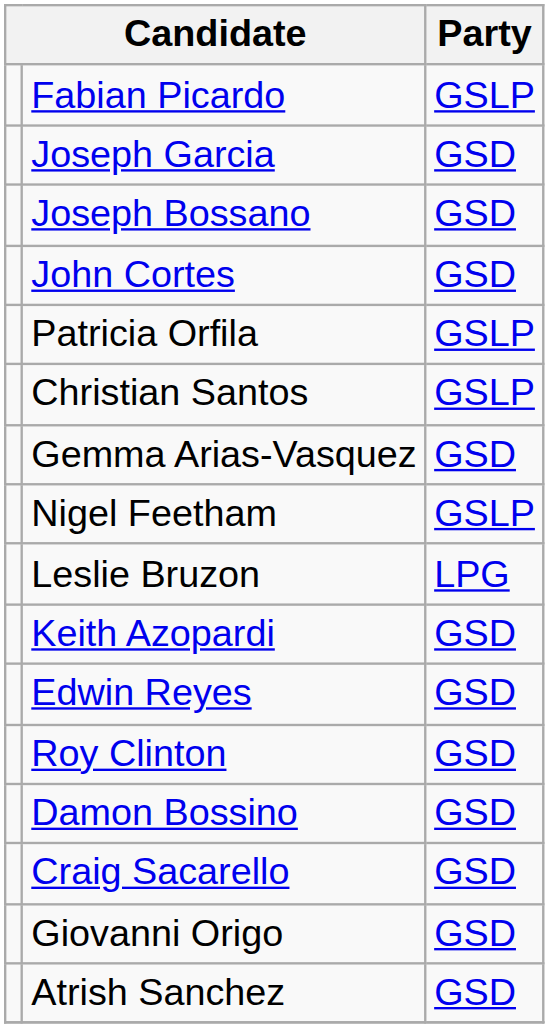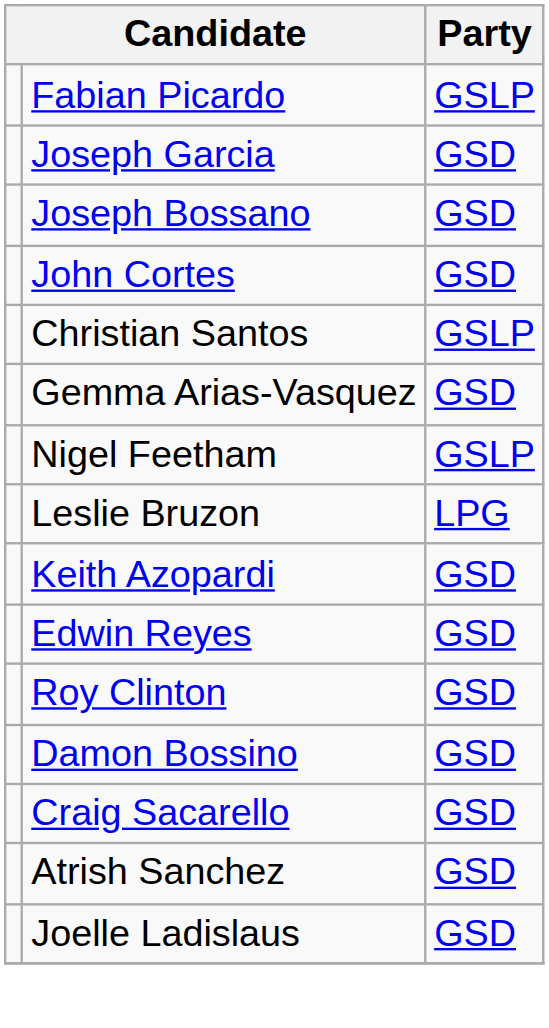 <table class=wikitable>
 <tr>
 <th colspan=2>Candidate</th>
 <th>Party</th>
 </tr>
 <tr>
 <td style="background-color:  "></td>
 <td><a href='#'>Fabian Picardo</a></td>
 <td><a href='#'>GSLP</a></td>
 </tr>
 <tr>
 <td style="background-color: "></td>
 <td><a href='#'>Joseph Garcia</a></td>
 <td><a href='#'>GSD</a></td>
 </tr>
 <tr>
 <td style="background-color: "></td>
 <td><a href='#'>Joseph Bossano</a></td>
 <td><a href='#'>GSD</a></td>
 </tr>
 <tr>
 <td style="background-color: "></td>
 <td><a href='#'>John Cortes</a></td>
 <td><a href='#'>GSD</a></td>
-</tr>
-<tr>
-<td style="background-color: "></td>
-<td>Patricia Orfila</td>
-<td><a href='#'>GSLP</a></td>
 </tr>
 <tr>
 <td style="background-color: "></td>
 <td>Christian Santos</td>
 <td><a href='#'>GSLP</a></td>
 </tr>
 <tr>
 <td style="background-color: "></td>
 <td>Gemma Arias-Vasquez</td>
 <td><a href='#'>GSD</a></td>
 </tr>
 <tr>
 <td style="background-color: "></td>
 <td>Nigel Feetham</td>
 <td><a href='#'>GSLP</a></td>
 </tr>
 <tr>
 <td style="background-color: "></td>
 <td>Leslie Bruzon</td>
 <td><a href='#'>LPG</a></td>
 </tr>
 <tr>
 <td style="background-color: "></td>
 <td><a href='#'>Keith Azopardi</a></td>
 <td><a href='#'>GSD</a></td>
 </tr>
 <tr>
 <td style="background-color: "></td>
 <td><a href='#'>Edwin Reyes</a></td>
 <td><a href='#'>GSD</a></td>
 </tr>
 <tr>
 <td style="background-color: "></td>
 <td><a href='#'>Roy Clinton</a></td>
 <td><a href='#'>GSD</a></td>
 </tr>
 <tr>
 <td style="background-color: "></td>
 <td><a href='#'>Damon Bossino</a></td>
 <td><a href='#'>GSD</a></td>
 </tr>
 <tr>
 <td style="background-color: "></td>
 <td><a href='#'>Craig Sacarello</a></td>
 <td><a href='#'>GSD</a></td>
 </tr>
 <tr>
 <td style="background-color: "></td>
-<td>Giovanni Origo</td>
+<td>Atrish Sanchez</td>
 <td><a href='#'>GSD</a></td>
 </tr>
 <tr>
 <td style="background-color: "></td>
-<td>Atrish Sanchez</td>
+<td>Joelle Ladislaus</td>
 <td><a href='#'>GSD</a></td>
 </tr>
 <tr>
 </tr>
 </table>
